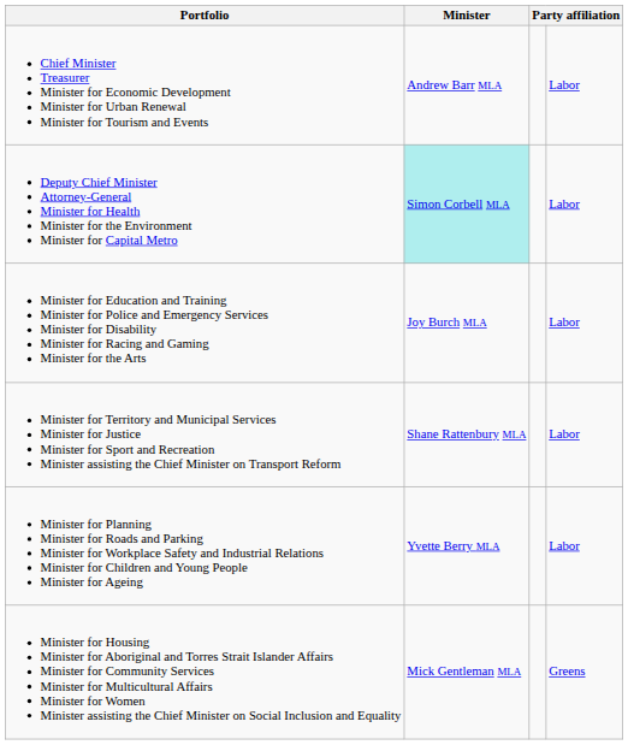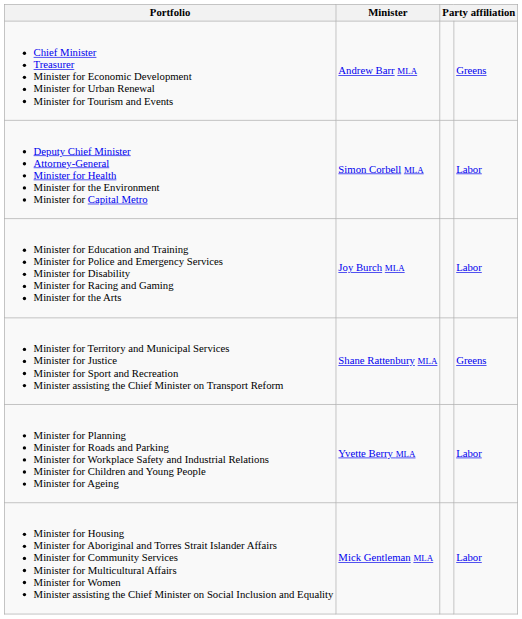 <table class="wikitable">
 <tr>
 <th>Portfolio</th>
 <th>Minister</th>
 <th colspan=2>Party affiliation</th>
 </tr>
 <tr>
 <td><br><ul><li><a href='#'>Chief Minister</a></li><li><a href='#'>Treasurer</a></li><li>Minister for Economic Development</li><li>Minister for Urban Renewal</li><li>Minister for Tourism and Events</li></ul></td>
 <td><a href='#'>Andrew Barr</a> <small><a href='#'>MLA</a></small></td>
 <td> </td>
-<td><a href='#'>Labor</a></td>
+<td><a href='#'>Greens</a></td>
 </tr>
 <tr>
 <td><br><ul><li><a href='#'>Deputy Chief Minister</a></li><li><a href='#'>Attorney-General</a></li><li><a href='#'>Minister for Health</a></li><li>Minister for the Environment</li><li>Minister for <a href='#'>Capital Metro</a></li></ul></td>
-<td style="background: paleturquoise;"><a href='#'>Simon Corbell</a> <small><a href='#'>MLA</a></small></td>
+<td><a href='#'>Simon Corbell</a> <small><a href='#'>MLA</a></small></td>
 <td> </td>
 <td><a href='#'>Labor</a></td>
 </tr>
 <tr>
 <td><br><ul><li>Minister for Education and Training</li><li>Minister for Police and Emergency Services</li><li>Minister for Disability</li><li>Minister for Racing and Gaming</li><li>Minister for the Arts</li></ul></td>
 <td><a href='#'>Joy Burch</a> <small><a href='#'>MLA</a></small></td>
 <td> </td>
 <td><a href='#'>Labor</a></td>
 </tr>
 <tr>
 <td><br><ul><li>Minister for Territory and Municipal Services</li><li>Minister for Justice</li><li>Minister for Sport and Recreation</li><li>Minister assisting the Chief Minister on Transport Reform</li></ul></td>
 <td><a href='#'>Shane Rattenbury</a> <small><a href='#'>MLA</a></small></td>
 <td> </td>
-<td><a href='#'>Labor</a></td>
+<td><a href='#'>Greens</a></td>
 </tr>
 <tr>
 <td><br><ul><li>Minister for Planning</li><li>Minister for Roads and Parking</li><li>Minister for Workplace Safety and Industrial Relations</li><li>Minister for Children and Young People</li><li>Minister for Ageing</li></ul></td>
 <td><a href='#'>Yvette Berry </a> <small><a href='#'>MLA</a></small></td>
 <td> </td>
 <td><a href='#'>Labor</a></td>
 </tr>
 <tr>
 <td><br><ul><li>Minister for Housing</li><li>Minister for Aboriginal and Torres Strait Islander Affairs</li><li>Minister for Community Services</li><li>Minister for Multicultural Affairs</li><li>Minister for Women</li><li>Minister assisting the Chief Minister on Social Inclusion and Equality</li></ul></td>
 <td><a href='#'>Mick Gentleman</a> <small><a href='#'>MLA</a></small></td>
 <td> </td>
-<td><a href='#'>Greens</a></td>
+<td><a href='#'>Labor</a></td>
 </tr>
 </table>
